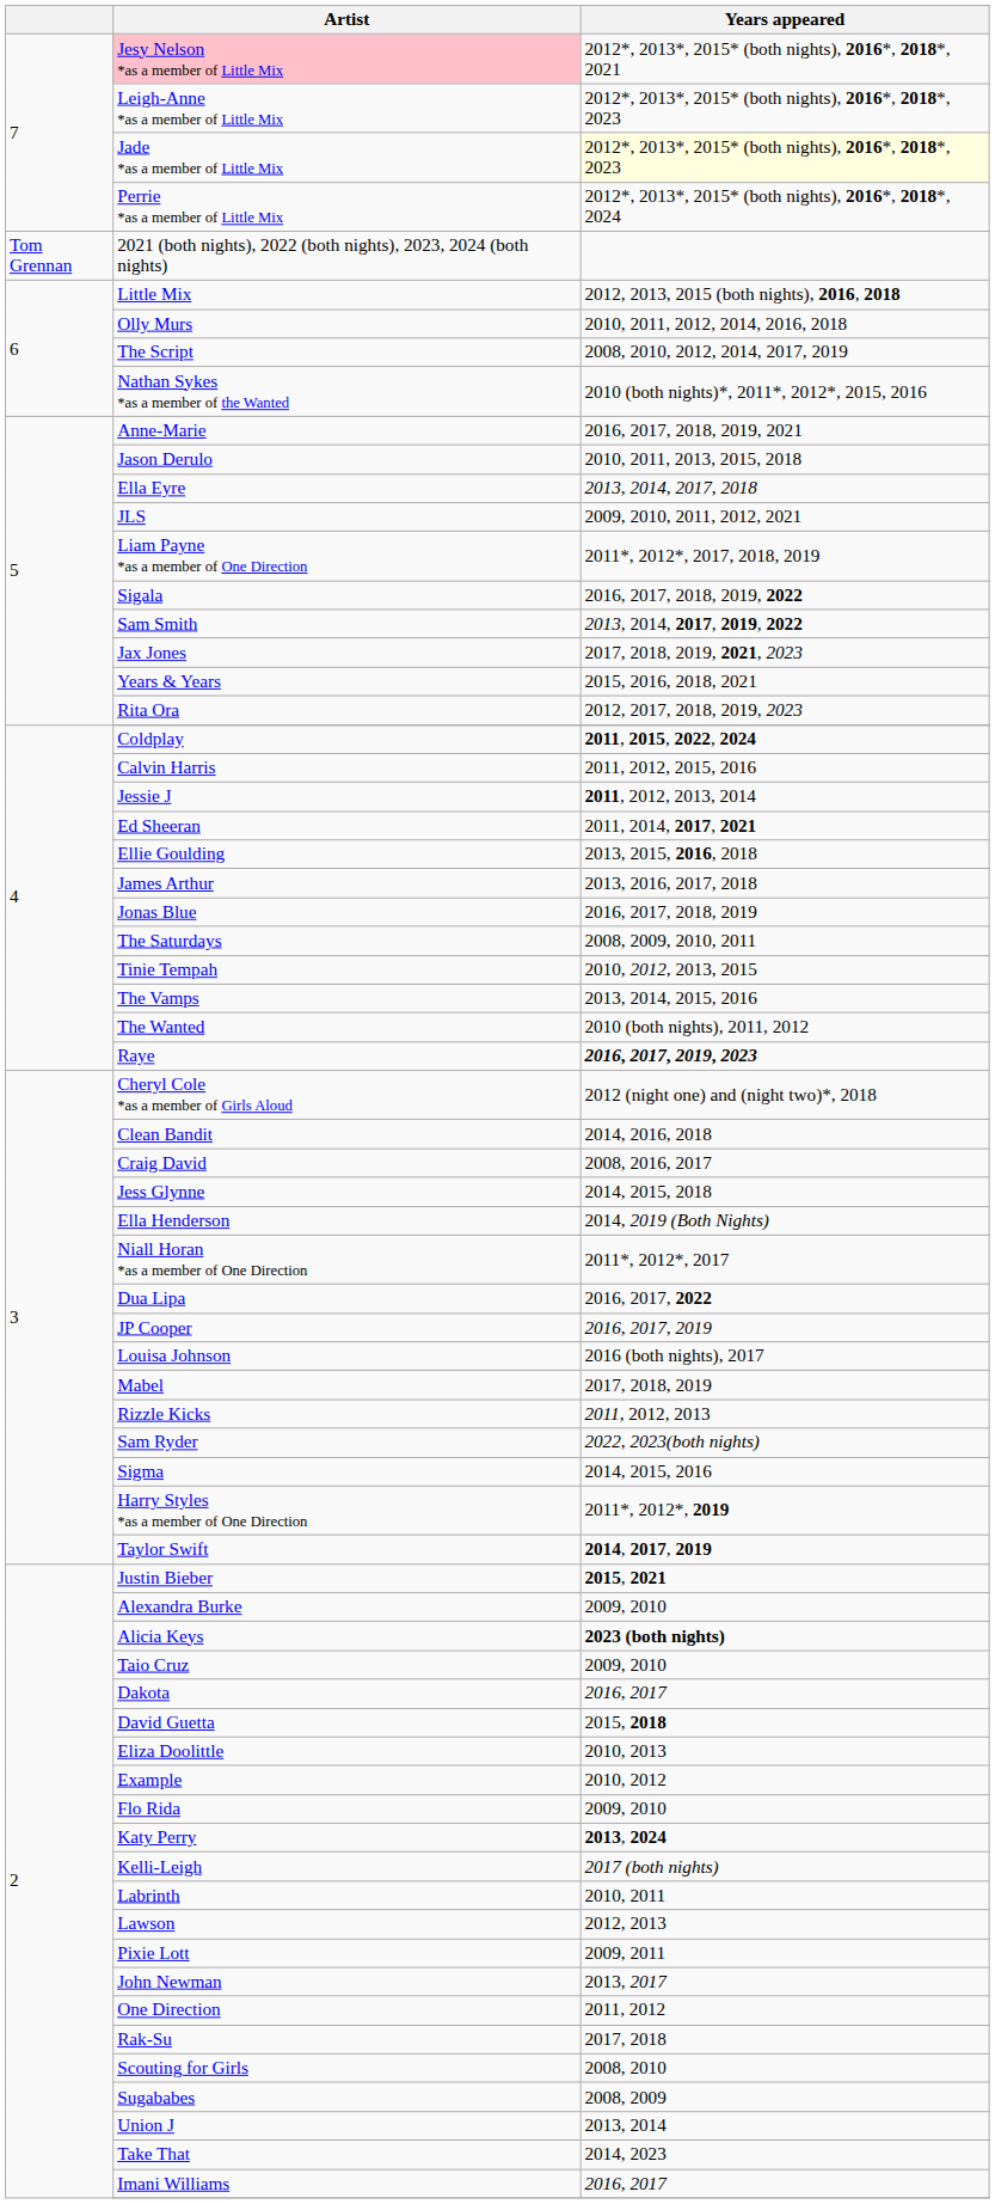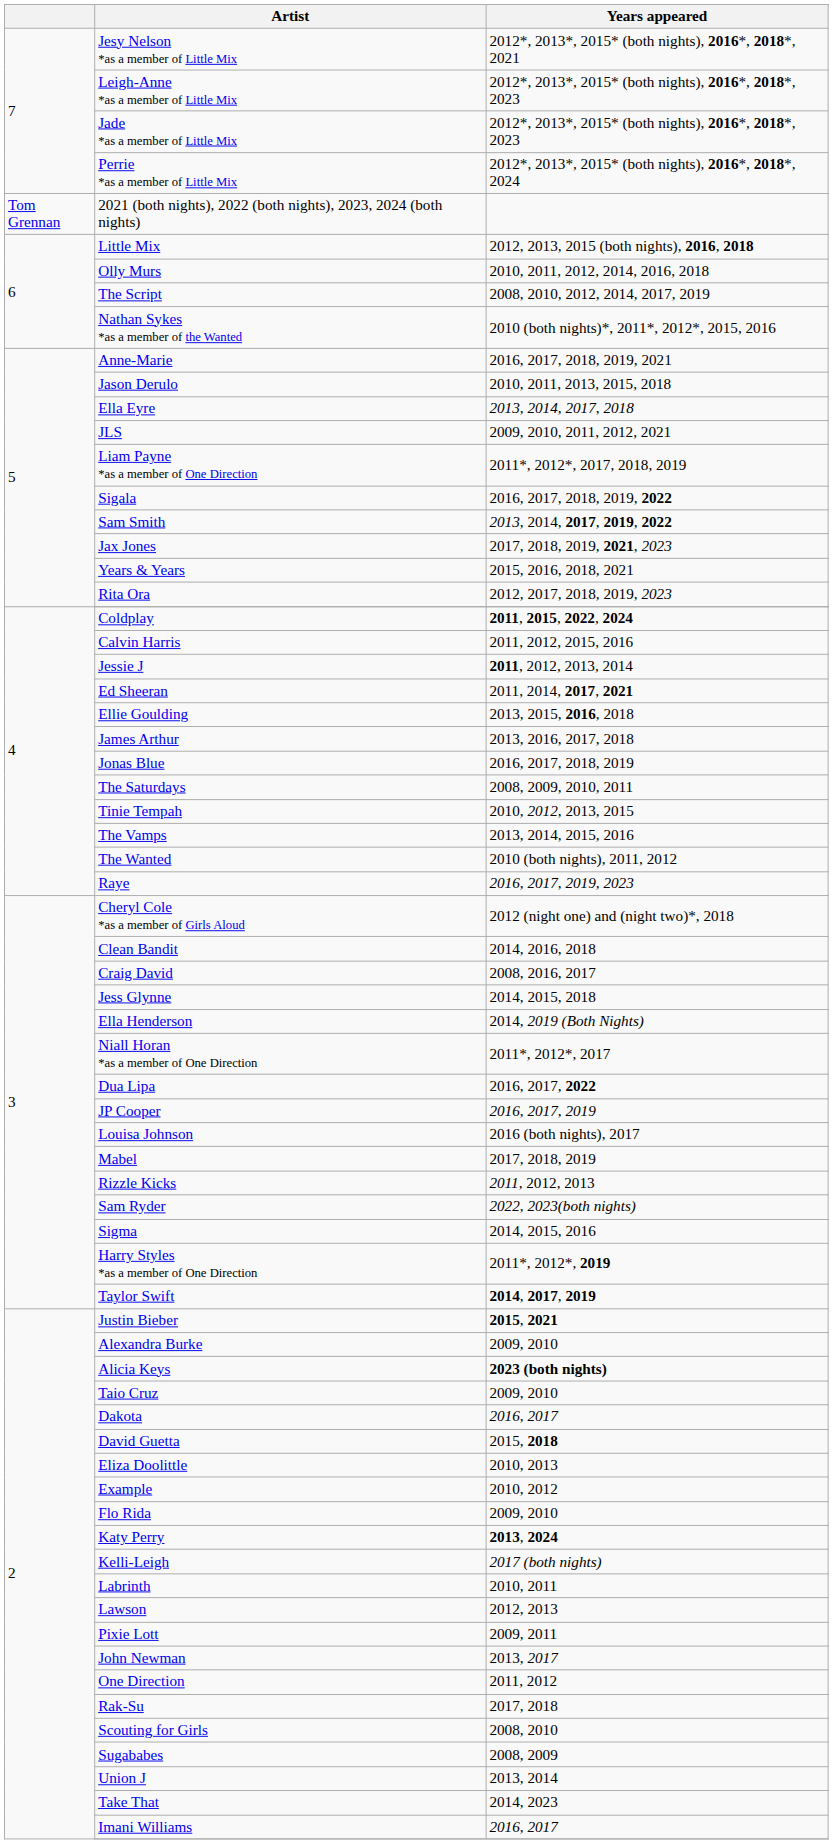 <table class="wikitable sortable">
 <tr>
 <th></th>
 <th>Artist</th>
 <th>Years appeared</th>
 </tr>
 <tr>
 <td rowspan="4">7</td>
-<td style="background: pink;"><a href='#'>Jesy Nelson</a><br><small>*as a member of <a href='#'>Little Mix</a></small></td>
+<td><a href='#'>Jesy Nelson</a><br><small>*as a member of <a href='#'>Little Mix</a></small></td>
 <td>2012*, 2013*, 2015* (both nights), <strong>2016</strong>*, <strong>2018</strong>*, 2021</td>
 </tr>
 <tr>
 <td><a href='#'>Leigh-Anne</a><br><small>*as a member of <a href='#'>Little Mix</a></small></td>
 <td>2012*, 2013*, 2015* (both nights), <strong>2016</strong>*, <strong>2018</strong>*, 2023</td>
 </tr>
 <tr>
 <td><a href='#'>Jade</a><br><small>*as a member of <a href='#'>Little Mix</a></small></td>
-<td style="background: lightyellow;">2012*, 2013*, 2015* (both nights), <strong>2016</strong>*, <strong>2018</strong>*, 2023</td>
+<td>2012*, 2013*, 2015* (both nights), <strong>2016</strong>*, <strong>2018</strong>*, 2023</td>
 </tr>
 <tr>
 <td><a href='#'>Perrie</a><br><small>*as a member of <a href='#'>Little Mix</a></small></td>
 <td>2012*, 2013*, 2015* (both nights), <strong>2016</strong>*, <strong>2018</strong>*, 2024</td>
 </tr>
 <tr>
 <td><a href='#'>Tom Grennan</a></td>
 <td>2021 (both nights), 2022 (both nights), 2023, 2024 (both nights)</td>
 </tr>
 <tr>
 <td rowspan="4">6</td>
 <td><a href='#'>Little Mix</a></td>
 <td>2012, 2013, 2015 (both nights), <strong>2016</strong>, <strong>2018</strong></td>
 </tr>
 <tr>
 <td><a href='#'>Olly Murs</a></td>
 <td>2010, 2011, 2012, 2014, 2016, 2018</td>
 </tr>
 <tr>
 <td><a href='#'>The Script</a></td>
 <td>2008, 2010, 2012, 2014, 2017, 2019</td>
 </tr>
 <tr>
 <td><a href='#'>Nathan Sykes</a><br><small>*as a member of <a href='#'>the Wanted</a></small></td>
 <td>2010 (both nights)*, 2011*, 2012*, 2015, 2016</td>
 </tr>
 <tr>
 <td rowspan="10">5</td>
 <td><a href='#'>Anne-Marie</a></td>
 <td>2016, 2017, 2018, 2019, 2021</td>
 </tr>
 <tr>
 <td><a href='#'>Jason Derulo</a></td>
 <td>2010, 2011, 2013, 2015, 2018</td>
 </tr>
 <tr>
 <td><a href='#'>Ella Eyre</a></td>
 <td><em>2013</em>, <em>2014</em>, <em>2017</em>, <em>2018</em></td>
 </tr>
 <tr>
 <td><a href='#'>JLS</a></td>
 <td>2009, 2010, 2011, 2012, 2021</td>
 </tr>
 <tr>
 <td><a href='#'>Liam Payne</a><br><small>*as a member of <a href='#'>One Direction</a></small></td>
 <td>2011*, 2012*, 2017, 2018, 2019</td>
 </tr>
 <tr>
 <td><a href='#'>Sigala</a></td>
 <td>2016, 2017, 2018, 2019, <strong>2022</strong></td>
 </tr>
 <tr>
 <td><a href='#'>Sam Smith</a></td>
 <td><em>2013</em>, 2014, <strong>2017</strong>, <strong>2019</strong>, <strong>2022</strong></td>
 </tr>
 <tr>
 <td><a href='#'>Jax Jones</a></td>
 <td>2017, 2018, 2019, <strong>2021</strong>, <em>2023</em></td>
 </tr>
 <tr>
 <td><a href='#'>Years & Years</a></td>
 <td>2015, 2016, 2018, 2021</td>
 </tr>
 <tr>
 <td><a href='#'>Rita Ora</a></td>
 <td>2012, 2017, 2018, 2019, <em>2023</em></td>
 </tr>
 <tr>
 <td rowspan="13">4</td>
 </tr>
 <tr>
 <td><a href='#'>Coldplay</a></td>
 <td><strong>2011</strong>, <strong>2015</strong>, <strong>2022</strong>, <strong>2024</strong></td>
 </tr>
 <tr>
 <td><a href='#'>Calvin Harris</a></td>
 <td>2011, 2012, 2015, 2016</td>
 </tr>
 <tr>
 <td><a href='#'>Jessie J</a></td>
 <td><strong>2011</strong>, 2012, 2013, 2014</td>
 </tr>
 <tr>
 <td><a href='#'>Ed Sheeran</a></td>
 <td>2011, 2014, <strong>2017</strong>, <strong>2021</strong></td>
 </tr>
 <tr>
 <td><a href='#'>Ellie Goulding</a></td>
 <td>2013, 2015, <strong>2016</strong>, 2018</td>
 </tr>
 <tr>
 <td><a href='#'>James Arthur</a></td>
 <td>2013, 2016, 2017, 2018</td>
 </tr>
 <tr>
 <td><a href='#'>Jonas Blue</a></td>
 <td>2016, 2017, 2018, 2019</td>
 </tr>
 <tr>
 <td><a href='#'>The Saturdays</a></td>
 <td>2008, 2009, 2010, 2011</td>
 </tr>
 <tr>
 <td><a href='#'>Tinie Tempah</a></td>
 <td>2010, <em>2012</em>, 2013, 2015</td>
 </tr>
 <tr>
 <td><a href='#'>The Vamps</a></td>
 <td>2013, 2014, 2015, 2016</td>
 </tr>
 <tr>
 <td><a href='#'>The Wanted</a></td>
 <td>2010 (both nights), 2011, 2012</td>
 </tr>
 <tr>
 <td><a href='#'>Raye</a></td>
-<td><strong><em>2016</em>, <em>2017</em>, <em>2019</em>, <em>2023</em></strong></td>
+<td><em>2016</em>, <em>2017</em>, <em>2019</em>, <em>2023</em></td>
 </tr>
 <tr>
 <td rowspan="15">3</td>
 <td><a href='#'>Cheryl Cole</a><br><small>*as a member of <a href='#'>Girls Aloud</a></small></td>
 <td>2012 (night one) and (night two)*, 2018</td>
 </tr>
 <tr>
 <td><a href='#'>Clean Bandit</a></td>
 <td>2014, 2016, 2018</td>
 </tr>
 <tr>
 <td><a href='#'>Craig David</a></td>
 <td>2008, 2016, 2017</td>
 </tr>
 <tr>
 <td><a href='#'>Jess Glynne</a></td>
 <td>2014, 2015, 2018</td>
 </tr>
 <tr>
 <td><a href='#'>Ella Henderson</a></td>
 <td>2014, <em>2019 (Both Nights)</em></td>
 </tr>
 <tr>
 <td><a href='#'>Niall Horan</a><br><small>*as a member of One Direction</small></td>
 <td>2011*, 2012*, 2017</td>
 </tr>
 <tr>
 <td><a href='#'>Dua Lipa</a></td>
 <td>2016, 2017, <strong>2022</strong></td>
 </tr>
 <tr>
 <td><a href='#'>JP Cooper</a></td>
 <td><em>2016</em>, <em>2017</em>, <em>2019</em></td>
 </tr>
 <tr>
 <td><a href='#'>Louisa Johnson</a></td>
 <td>2016 (both nights), 2017</td>
 </tr>
 <tr>
 <td><a href='#'>Mabel</a></td>
 <td>2017, 2018, 2019</td>
 </tr>
 <tr>
 <td><a href='#'>Rizzle Kicks</a></td>
 <td><em>2011</em>, 2012, 2013</td>
 </tr>
 <tr>
 <td><a href='#'>Sam Ryder</a></td>
 <td><em>2022</em>, <em>2023(both nights)</em></td>
 </tr>
 <tr>
 <td><a href='#'>Sigma</a></td>
 <td>2014, 2015, 2016</td>
 </tr>
 <tr>
 <td><a href='#'>Harry Styles</a><br><small>*as a member of One Direction</small></td>
 <td>2011*, 2012*, <strong>2019</strong></td>
 </tr>
 <tr>
 <td><a href='#'>Taylor Swift</a></td>
 <td><strong>2014</strong>, <strong>2017</strong>, <strong>2019</strong></td>
 </tr>
 <tr>
 <td rowspan="33">2</td>
 <td><a href='#'>Justin Bieber</a></td>
 <td><strong>2015</strong>, <strong>2021</strong></td>
 </tr>
 <tr>
 <td><a href='#'>Alexandra Burke</a></td>
 <td>2009, 2010</td>
 </tr>
 <tr>
 <td><a href='#'>Alicia Keys</a></td>
 <td><strong>2023 (both nights)</strong></td>
 </tr>
 <tr>
 <td><a href='#'>Taio Cruz</a></td>
 <td>2009, 2010</td>
 </tr>
 <tr>
 <td><a href='#'>Dakota</a></td>
 <td><em>2016</em>, <em>2017</em></td>
 </tr>
 <tr>
 <td><a href='#'>David Guetta</a></td>
 <td>2015, <strong>2018</strong></td>
 </tr>
 <tr>
 <td><a href='#'>Eliza Doolittle</a></td>
 <td>2010, 2013</td>
 </tr>
 <tr>
 <td><a href='#'>Example</a></td>
 <td>2010, 2012</td>
 </tr>
 <tr>
 <td><a href='#'>Flo Rida</a></td>
 <td>2009, 2010</td>
 </tr>
 <tr>
 <td><a href='#'>Katy Perry</a></td>
 <td><strong>2013</strong>, <strong>2024</strong></td>
 </tr>
 <tr>
 <td><a href='#'>Kelli-Leigh</a></td>
 <td><em>2017 (both nights)</em></td>
 </tr>
 <tr>
 <td><a href='#'>Labrinth</a></td>
 <td>2010, 2011</td>
 </tr>
 <tr>
 <td><a href='#'>Lawson</a></td>
 <td>2012, 2013</td>
 </tr>
 <tr>
 <td><a href='#'>Pixie Lott</a></td>
 <td>2009, 2011</td>
 </tr>
 <tr>
 <td><a href='#'>John Newman</a></td>
 <td>2013, <em>2017</em></td>
 </tr>
 <tr>
 <td><a href='#'>One Direction</a></td>
 <td>2011, 2012</td>
 </tr>
 <tr>
 <td><a href='#'>Rak-Su</a></td>
 <td>2017, 2018</td>
 </tr>
 <tr>
 <td><a href='#'>Scouting for Girls</a></td>
 <td>2008, 2010</td>
 </tr>
 <tr>
 <td><a href='#'>Sugababes</a></td>
 <td>2008, 2009</td>
 </tr>
 <tr>
 <td><a href='#'>Union J</a></td>
 <td>2013, 2014</td>
 </tr>
 <tr>
 <td><a href='#'>Take That</a></td>
 <td>2014, 2023</td>
 </tr>
 <tr>
 <td><a href='#'>Imani Williams</a></td>
 <td><em>2016</em>, <em>2017</em></td>
 </tr>
 <tr>
 </tr>
 </table>
